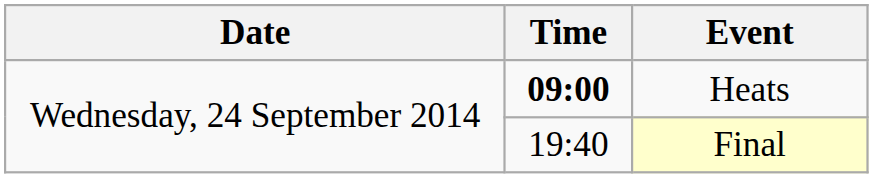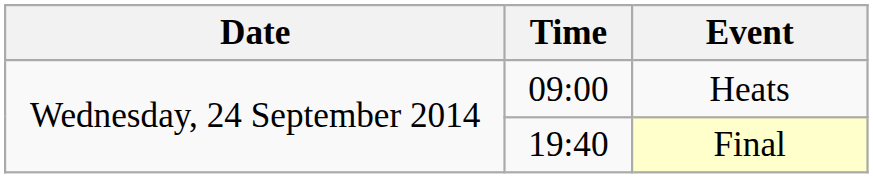 <table class = "wikitable" style="text-align:center;">
 <tr>
 <th width=220>Date</th>
 <th width=50>Time</th>
 <th width=100>Event</th>
 </tr>
 <tr>
 <td rowspan=2>Wednesday, 24 September 2014</td>
-<td><strong>09:00</strong></td>
+<td>09:00</td>
 <td>Heats</td>
 </tr>
 <tr>
 <td>19:40</td>
 <td bgcolor=ffffcc>Final</td>
 </tr>
 </table>
